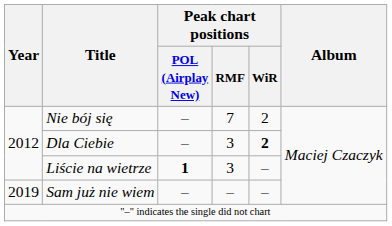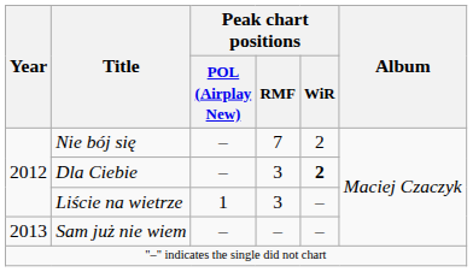 <table class="wikitable" style="text-align:center;">
 <tr>
 <th rowspan="2">Year</th>
 <th rowspan="2">Title</th>
 <th colspan="3">Peak chart positions</th>
 <th rowspan="2">Album</th>
 </tr>
 <tr>
 <th width="25"><small><a href='#'>POL</a></small><br><a href='#'><small>(</small><small>Airplay New)</small></a> </th>
 <th width="25"><small>RMF</small><br></th>
 <th width="25"><small>WiR</small><br></th>
 </tr>
 <tr>
 <td rowspan="3">2012</td>
 <td align="left"><em>Nie bój się</em></td>
 <td>–</td>
 <td>7</td>
 <td>2</td>
 <td rowspan="4"><em>Maciej Czaczyk</em></td>
 </tr>
 <tr>
 <td align="left"><em>Dla Ciebie</em></td>
 <td>–</td>
 <td>3</td>
 <td><strong>2</strong></td>
 </tr>
 <tr>
 <td align="left"><em>Liście na wietrze</em></td>
-<td><strong>1</strong></td>
+<td>1</td>
 <td>3</td>
 <td>–</td>
 </tr>
 <tr>
-<td>2019</td>
+<td>2013</td>
 <td align="left"><em>Sam już nie wiem</em></td>
 <td>–</td>
 <td>–</td>
 <td>–</td>
 </tr>
 <tr>
 <td colspan="6" style="font-size:8pt;">"–" indicates the single did not chart</td>
 </tr>
 </table>
